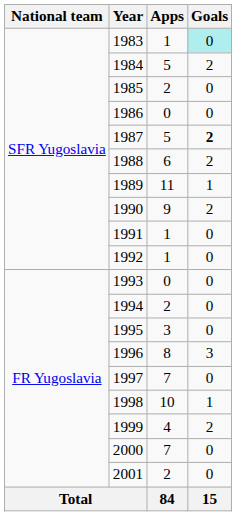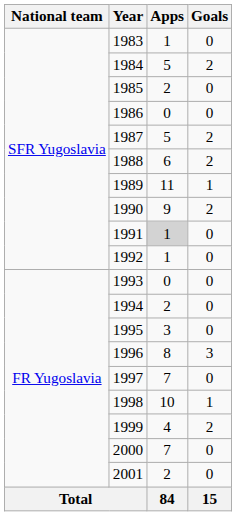 <table class="wikitable" style="text-align:center">
 <tr>
 <th>National team</th>
 <th>Year</th>
 <th>Apps</th>
 <th>Goals</th>
 </tr>
 <tr>
 <td rowspan="10"><a href='#'>SFR Yugoslavia</a></td>
 <td>1983</td>
 <td>1</td>
-<td style="background: paleturquoise;">0</td>
+<td>0</td>
 </tr>
 <tr>
 <td>1984</td>
 <td>5</td>
 <td>2</td>
 </tr>
 <tr>
 <td>1985</td>
 <td>2</td>
 <td>0</td>
 </tr>
 <tr>
 <td>1986</td>
 <td>0</td>
 <td>0</td>
 </tr>
 <tr>
 <td>1987</td>
 <td>5</td>
-<td><strong>2</strong></td>
+<td>2</td>
 </tr>
 <tr>
 <td>1988</td>
 <td>6</td>
 <td>2</td>
 </tr>
 <tr>
 <td>1989</td>
 <td>11</td>
 <td>1</td>
 </tr>
 <tr>
 <td>1990</td>
 <td>9</td>
 <td>2</td>
 </tr>
 <tr>
 <td>1991</td>
-<td>1</td>
+<td style="background: lightgrey;">1</td>
 <td>0</td>
 </tr>
 <tr>
 <td>1992</td>
 <td>1</td>
 <td>0</td>
 </tr>
 <tr>
 <td rowspan="9"><a href='#'>FR Yugoslavia</a></td>
 <td>1993</td>
 <td>0</td>
 <td>0</td>
 </tr>
 <tr>
 <td>1994</td>
 <td>2</td>
 <td>0</td>
 </tr>
 <tr>
 <td>1995</td>
 <td>3</td>
 <td>0</td>
 </tr>
 <tr>
 <td>1996</td>
 <td>8</td>
 <td>3</td>
 </tr>
 <tr>
 <td>1997</td>
 <td>7</td>
 <td>0</td>
 </tr>
 <tr>
 <td>1998</td>
 <td>10</td>
 <td>1</td>
 </tr>
 <tr>
 <td>1999</td>
 <td>4</td>
 <td>2</td>
 </tr>
 <tr>
 <td>2000</td>
 <td>7</td>
 <td>0</td>
 </tr>
 <tr>
 <td>2001</td>
 <td>2</td>
 <td>0</td>
 </tr>
 <tr>
 <th colspan="2">Total</th>
 <th>84</th>
 <th>15</th>
 </tr>
 </table>
